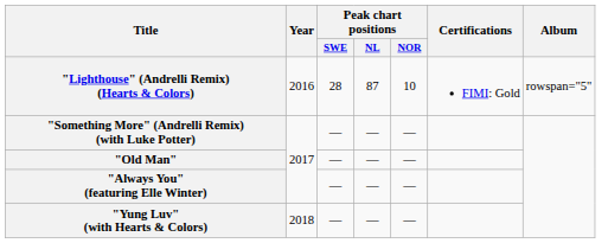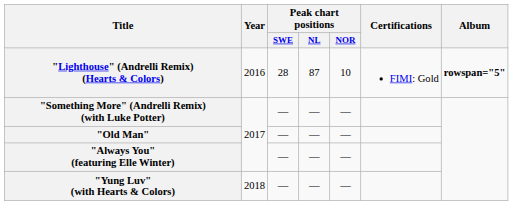 <table class="wikitable plainrowheaders" style="text-align:center;">
 <tr>
 <th scope="col" rowspan="2" style="width:22em;">Title</th>
 <th scope="col" rowspan="2" style="width:1em;">Year</th>
 <th scope="col" colspan="3">Peak chart positions</th>
 <th scope="col" rowspan="2">Certifications</th>
 <th scope="col" rowspan="2">Album</th>
 </tr>
 <tr>
 <th scope="col" style="width:3em;font-size:85%;"><a href='#'>SWE</a></th>
 <th scope="col" style="width:3em;font-size:85%;"><a href='#'>NL</a></th>
 <th scope="col" style="width:3em;font-size:85%;"><a href='#'>NOR</a></th>
 </tr>
 <tr>
 <th scope="row">"<a href='#'>Lighthouse</a>" <span>(Andrelli Remix)</span><br><span>(<a href='#'>Hearts & Colors</a>)</span></th>
 <td>2016</td>
 <td>28<br></td>
 <td>87<br></td>
 <td>10<br></td>
 <td><br><ul><li><a href='#'>FIMI</a>: Gold</li></ul></td>
-<td>rowspan="5" </td>
+<td><strong>rowspan="5" </strong></td>
 </tr>
 <tr>
 <th scope="row">"Something More" <span>(Andrelli Remix)</span><br><span>(with Luke Potter)</span></th>
 <td rowspan="3">2017</td>
 <td>—</td>
 <td>—</td>
 <td>—</td>
 <td></td>
 </tr>
 <tr>
 <th scope="row">"Old Man"</th>
 <td>—</td>
 <td>—</td>
 <td>—</td>
 <td></td>
 </tr>
 <tr>
 <th scope="row">"Always You"<br><span>(featuring Elle Winter)</span></th>
 <td>—</td>
 <td>—</td>
 <td>—</td>
 <td></td>
 </tr>
 <tr>
 <th scope="row">"Yung Luv"<br><span>(with Hearts & Colors)</span></th>
 <td>2018</td>
 <td>—</td>
 <td>—</td>
 <td>—</td>
 <td></td>
 </tr>
 </table>
